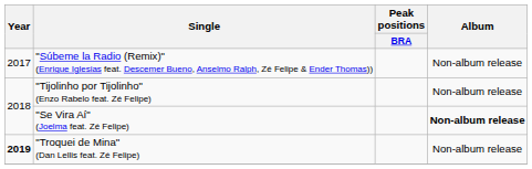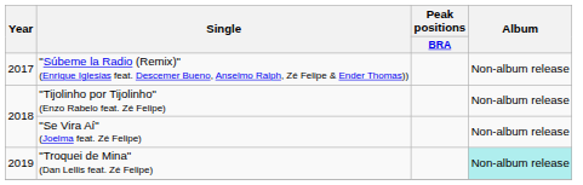 <table class="wikitable plainrowheaders" style="text-align:center;">
 <tr>
 <th rowspan="2">Year</th>
 <th rowspan="2">Single</th>
 <th colspan="1">Peak positions</th>
 <th rowspan="2">Album</th>
 </tr>
 <tr>
 <th scope="col" style="width:3em;font-size:90%;"><a href='#'>BRA</a><br></th>
 </tr>
 <tr>
 <td style="text-align:center;" rowspan="1">2017</td>
 <td style="text-align:left;">"<a href='#'>Súbeme la Radio</a> (Remix)" <br><small>(<a href='#'>Enrique Iglesias</a> feat. <a href='#'>Descemer Bueno</a>, <a href='#'>Anselmo Ralph</a>, Zé Felipe & <a href='#'>Ender Thomas</a>))</small></td>
 <td style="text-align:center;"></td>
 <td style="text-align:center;" rowspan=1>Non-album release</td>
 </tr>
 <tr>
 <td style="text-align:center;" rowspan="2">2018</td>
 <td style="text-align:left;">"Tijolinho por Tijolinho" <br><small>(Enzo Rabelo feat. Zé Felipe)</small></td>
 <td style="text-align:center;"></td>
 <td style="text-align:center;" rowspan=1>Non-album release</td>
 </tr>
 <tr>
 <td style="text-align:left;">"Se Vira Aí" <br><small>(<a href='#'>Joelma</a> feat. Zé Felipe)</small></td>
 <td style="text-align:center;"></td>
-<td style="text-align:center;" rowspan=1><strong>Non-album release</strong></td>
+<td style="text-align:center;" rowspan=1>Non-album release</td>
 </tr>
 <tr>
-<td style="text-align:center;"><strong>2019</strong></td>
+<td style="text-align:center;">2019</td>
 <td style="text-align:left;">"Troquei de Mina" <br><small>(Dan Lellis feat. Zé Felipe)</small></td>
 <td style="text-align:center;"></td>
-<td style="text-align:center;" rowspan=1>Non-album release</td>
+<td style="background: paleturquoise; text-align:center;" rowspan=1>Non-album release</td>
 </tr>
 <tr>
 </tr>
 </table>
